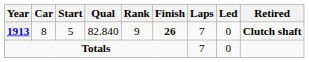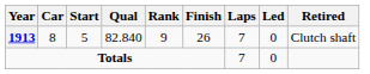 <table class="wikitable" style="text-align:center">
 <tr>
 <th>Year</th>
 <th>Car</th>
 <th>Start</th>
 <th>Qual</th>
 <th>Rank</th>
 <th>Finish</th>
 <th>Laps</th>
 <th>Led</th>
 <th>Retired</th>
 </tr>
 <tr>
 <th><a href='#'>1913</a></th>
 <td>8</td>
 <td>5</td>
 <td>82.840</td>
 <td>9</td>
-<td><strong>26</strong></td>
+<td>26</td>
 <td>7</td>
 <td>0</td>
-<td><strong>Clutch shaft</strong></td>
+<td>Clutch shaft</td>
 </tr>
 <tr>
 <td colspan=6><strong>Totals</strong></td>
 <td>7</td>
 <td>0</td>
 <td></td>
 </tr>
 </table>
